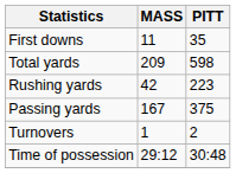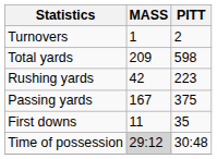 <table class="wikitable">
 <tr>
 <th>Statistics</th>
 <th>MASS</th>
 <th>PITT</th>
 </tr>
 <tr>
-<td>First downs</td>
-<td>11</td>
-<td>35</td>
+<td>Turnovers</td>
+<td>1</td>
+<td>2</td>
 </tr>
 <tr>
 <td>Total yards</td>
 <td>209</td>
 <td>598</td>
 </tr>
 <tr>
 <td>Rushing yards</td>
 <td>42</td>
 <td>223</td>
 </tr>
 <tr>
 <td>Passing yards</td>
 <td>167</td>
 <td>375</td>
 </tr>
 <tr>
-<td>Turnovers</td>
-<td>1</td>
-<td>2</td>
+<td>First downs</td>
+<td>11</td>
+<td>35</td>
 </tr>
 <tr>
 <td>Time of possession</td>
-<td>29:12</td>
+<td style="background: lightgrey;">29:12</td>
 <td>30:48</td>
 </tr>
 <tr>
 </tr>
 </table>
